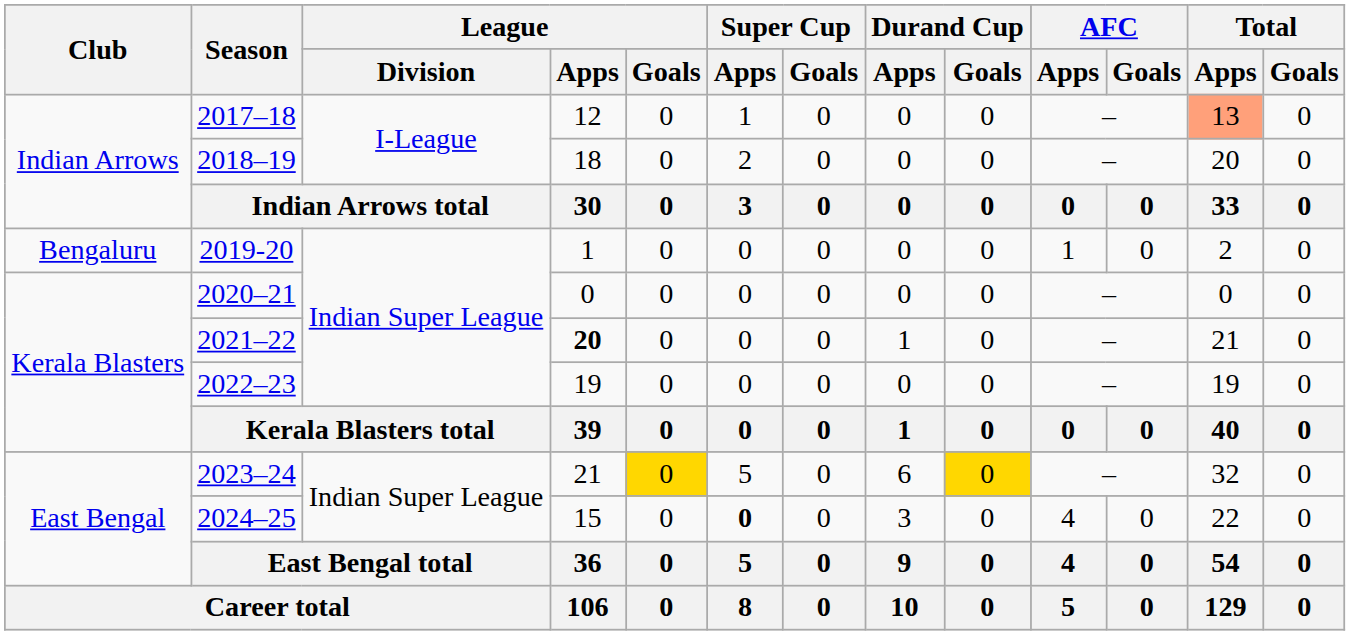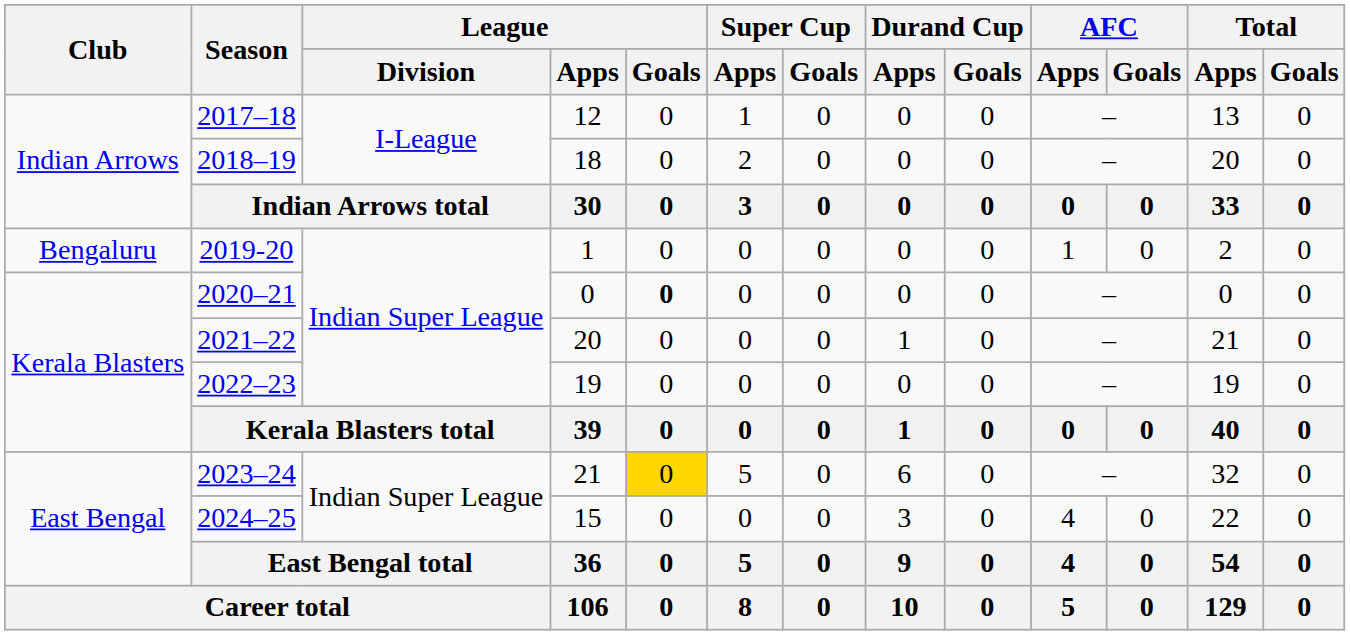 <table class="wikitable" style="text-align: center;">
 <tr>
 <th rowspan="2">Club</th>
 <th rowspan="2">Season</th>
 <th colspan="3">League</th>
 <th colspan="2">Super Cup</th>
 <th colspan="2">Durand Cup</th>
 <th colspan="2"><a href='#'>AFC</a></th>
 <th colspan="2">Total</th>
 </tr>
 <tr>
 <th>Division</th>
 <th>Apps</th>
 <th>Goals</th>
 <th>Apps</th>
 <th>Goals</th>
 <th>Apps</th>
 <th>Goals</th>
 <th>Apps</th>
 <th>Goals</th>
 <th>Apps</th>
 <th>Goals</th>
 </tr>
 <tr>
 <td rowspan="3"><a href='#'>Indian Arrows</a></td>
 <td><a href='#'>2017–18</a></td>
 <td rowspan="2"><a href='#'>I-League</a></td>
 <td>12</td>
 <td>0</td>
 <td>1</td>
 <td>0</td>
 <td>0</td>
 <td>0</td>
 <td colspan=2>–</td>
-<td style="background: lightsalmon;">13</td>
+<td>13</td>
 <td>0</td>
 </tr>
 <tr>
 <td><a href='#'>2018–19</a></td>
 <td>18</td>
 <td>0</td>
 <td>2</td>
 <td>0</td>
 <td>0</td>
 <td>0</td>
 <td colspan=2>–</td>
 <td>20</td>
 <td>0</td>
 </tr>
 <tr>
 <th colspan="2">Indian Arrows total</th>
 <th>30</th>
 <th>0</th>
 <th>3</th>
 <th>0</th>
 <th>0</th>
 <th>0</th>
 <th>0</th>
 <th>0</th>
 <th>33</th>
 <th>0</th>
 </tr>
 <tr>
 <td rowspan="1"><a href='#'>Bengaluru</a></td>
 <td><a href='#'>2019-20</a></td>
 <td rowspan="4"><a href='#'>Indian Super League</a></td>
 <td>1</td>
 <td>0</td>
 <td>0</td>
 <td>0</td>
 <td>0</td>
 <td>0</td>
 <td>1</td>
 <td>0</td>
 <td>2</td>
 <td>0</td>
 </tr>
 <tr>
 <td rowspan="4"><a href='#'>Kerala Blasters</a></td>
 <td><a href='#'>2020–21</a></td>
 <td>0</td>
-<td>0</td>
+<td><strong>0</strong></td>
 <td>0</td>
 <td>0</td>
 <td>0</td>
 <td>0</td>
 <td colspan=2>–</td>
 <td>0</td>
 <td>0</td>
 </tr>
 <tr>
 <td><a href='#'>2021–22</a></td>
-<td><strong>20</strong></td>
+<td>20</td>
 <td>0</td>
 <td>0</td>
 <td>0</td>
 <td>1</td>
 <td>0</td>
 <td colspan=2>–</td>
 <td>21</td>
 <td>0</td>
 </tr>
 <tr>
 <td><a href='#'>2022–23</a></td>
 <td>19</td>
 <td>0</td>
 <td>0</td>
 <td>0</td>
 <td>0</td>
 <td>0</td>
 <td colspan=2>–</td>
 <td>19</td>
 <td>0</td>
 </tr>
 <tr>
 <th colspan="2">Kerala Blasters total</th>
 <th>39</th>
 <th>0</th>
 <th>0</th>
 <th>0</th>
 <th>1</th>
 <th>0</th>
 <th>0</th>
 <th>0</th>
 <th>40</th>
 <th>0</th>
 </tr>
 <tr>
 <td rowspan="3"><a href='#'>East Bengal</a></td>
 <td><a href='#'>2023–24</a></td>
 <td rowspan="2">Indian Super League</td>
 <td>21</td>
 <td style="background: gold;">0</td>
 <td>5</td>
 <td>0</td>
 <td>6</td>
-<td style="background: gold;">0</td>
+<td>0</td>
 <td colspan=2>–</td>
 <td>32</td>
 <td>0</td>
 </tr>
 <tr>
 <td><a href='#'>2024–25</a></td>
 <td>15</td>
 <td>0</td>
-<td><strong>0</strong></td>
+<td>0</td>
 <td>0</td>
 <td>3</td>
 <td>0</td>
 <td>4</td>
 <td>0</td>
 <td>22</td>
 <td>0</td>
 </tr>
 <tr>
 <th colspan="2">East Bengal total</th>
 <th>36</th>
 <th>0</th>
 <th>5</th>
 <th>0</th>
 <th>9</th>
 <th>0</th>
 <th>4</th>
 <th>0</th>
 <th>54</th>
 <th>0</th>
 </tr>
 <tr>
 <th colspan="3">Career total</th>
 <th>106</th>
 <th>0</th>
 <th>8</th>
 <th>0</th>
 <th>10</th>
 <th>0</th>
 <th>5</th>
 <th>0</th>
 <th>129</th>
 <th>0</th>
 </tr>
 </table>
